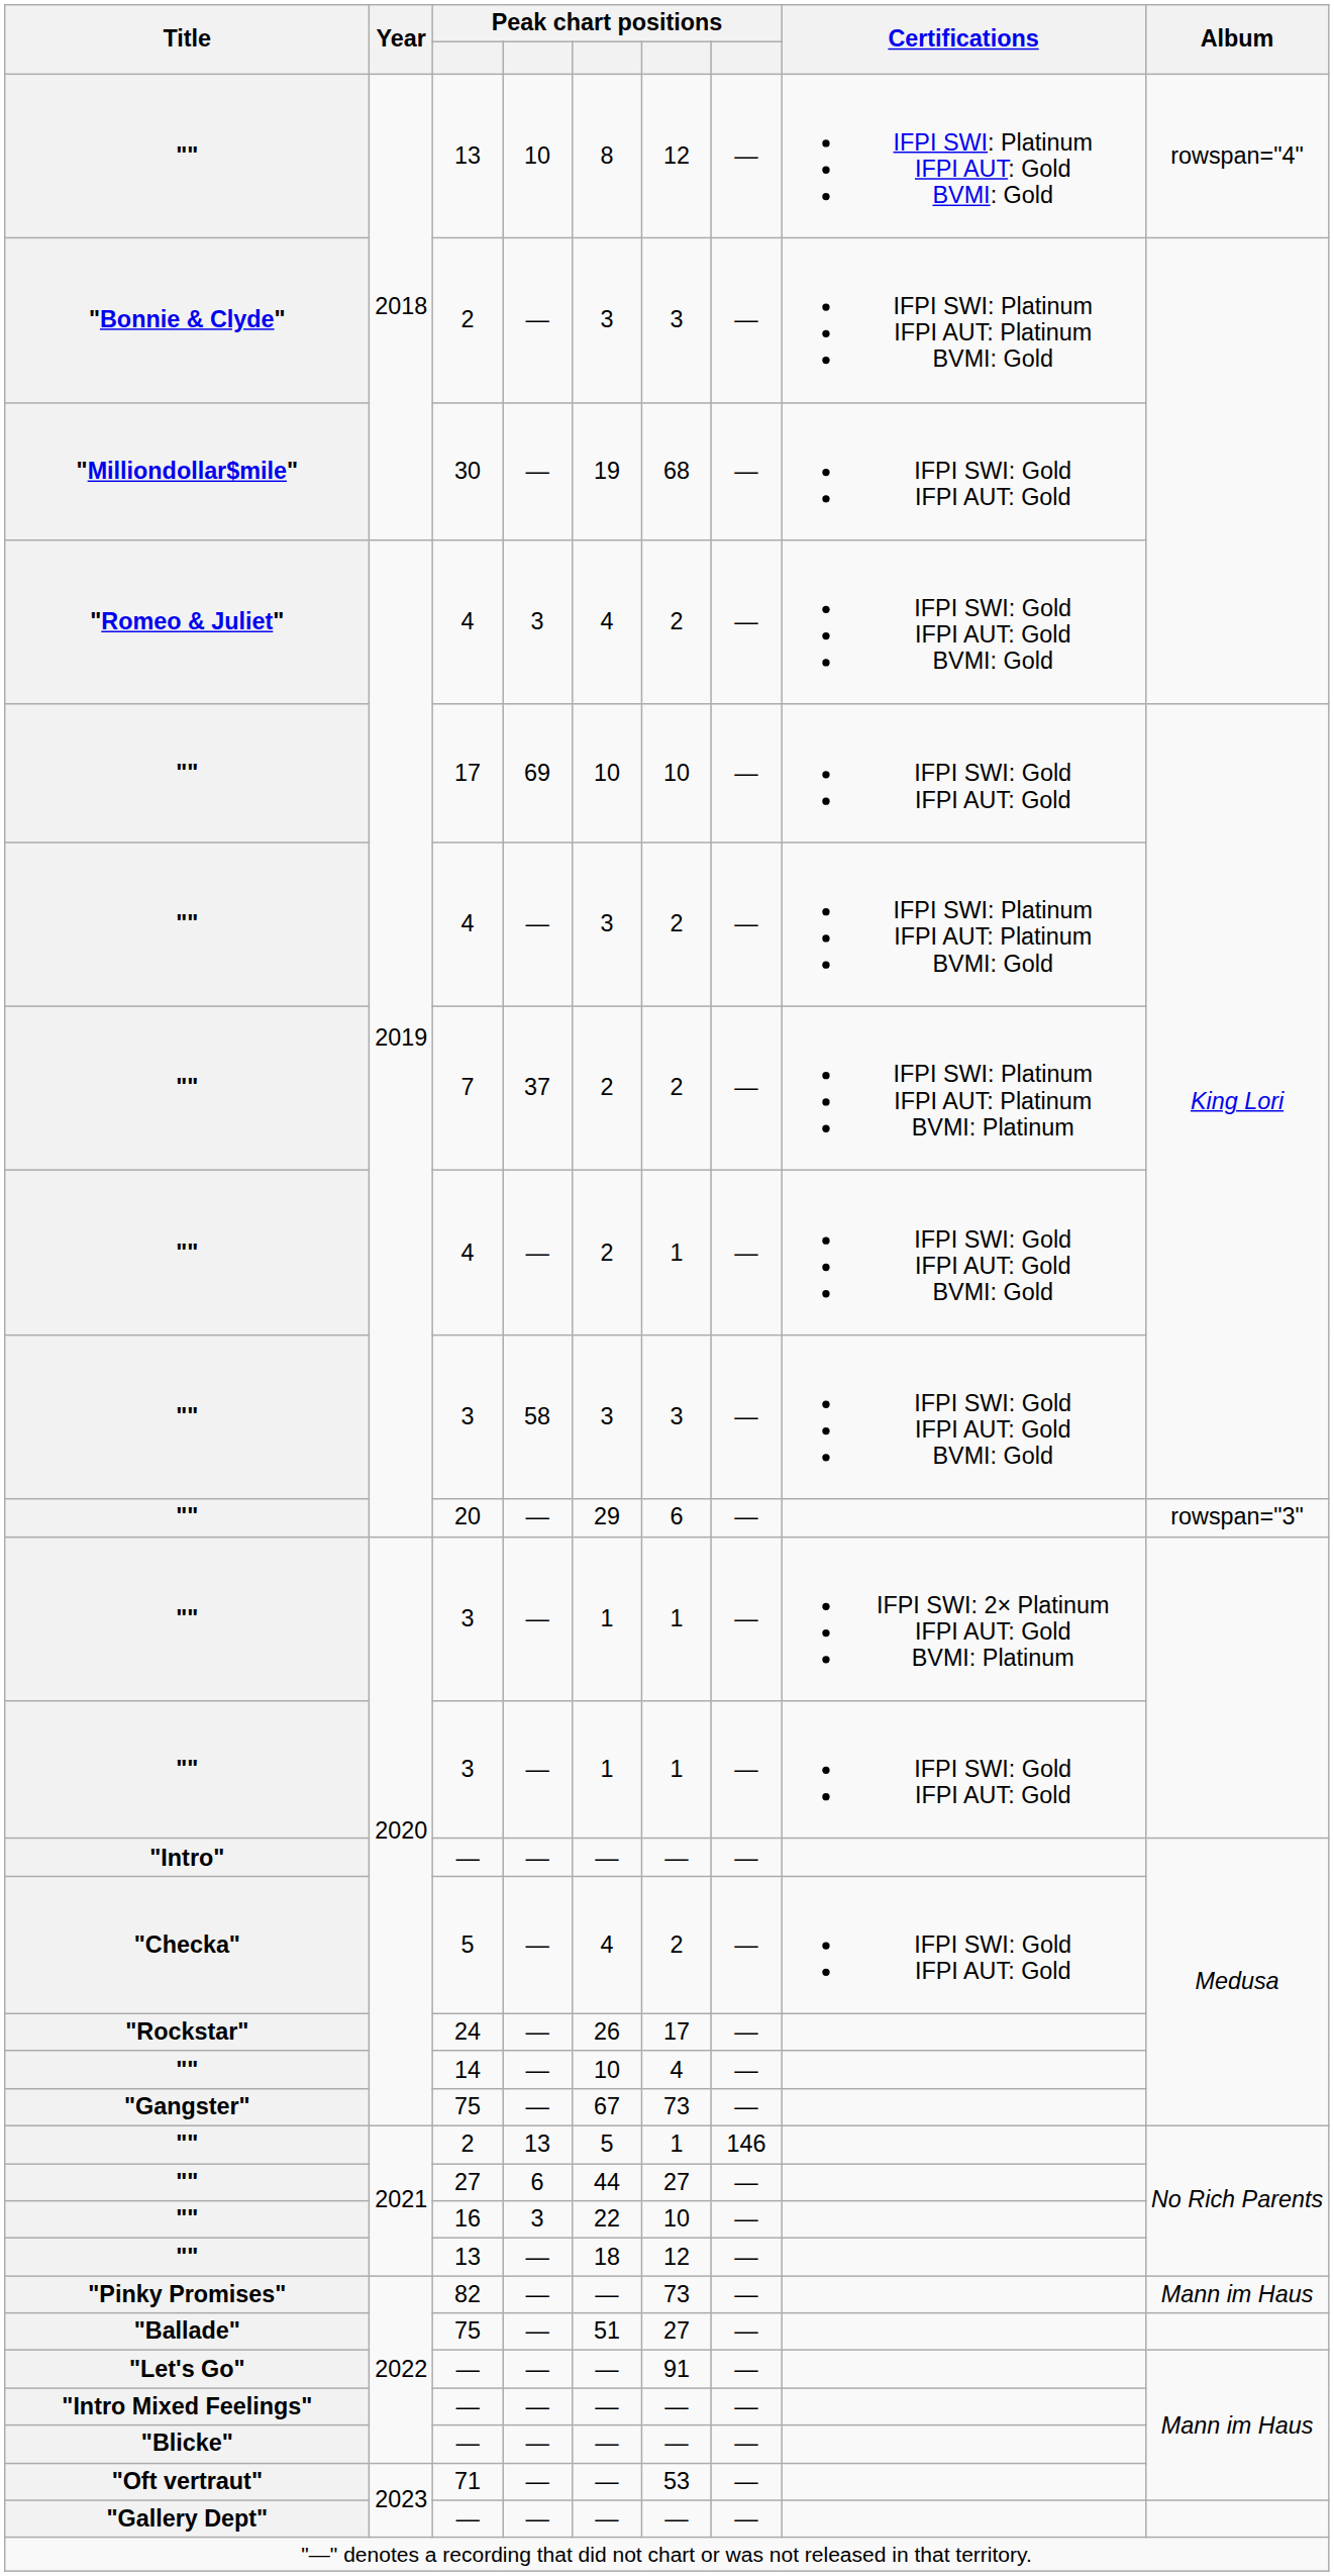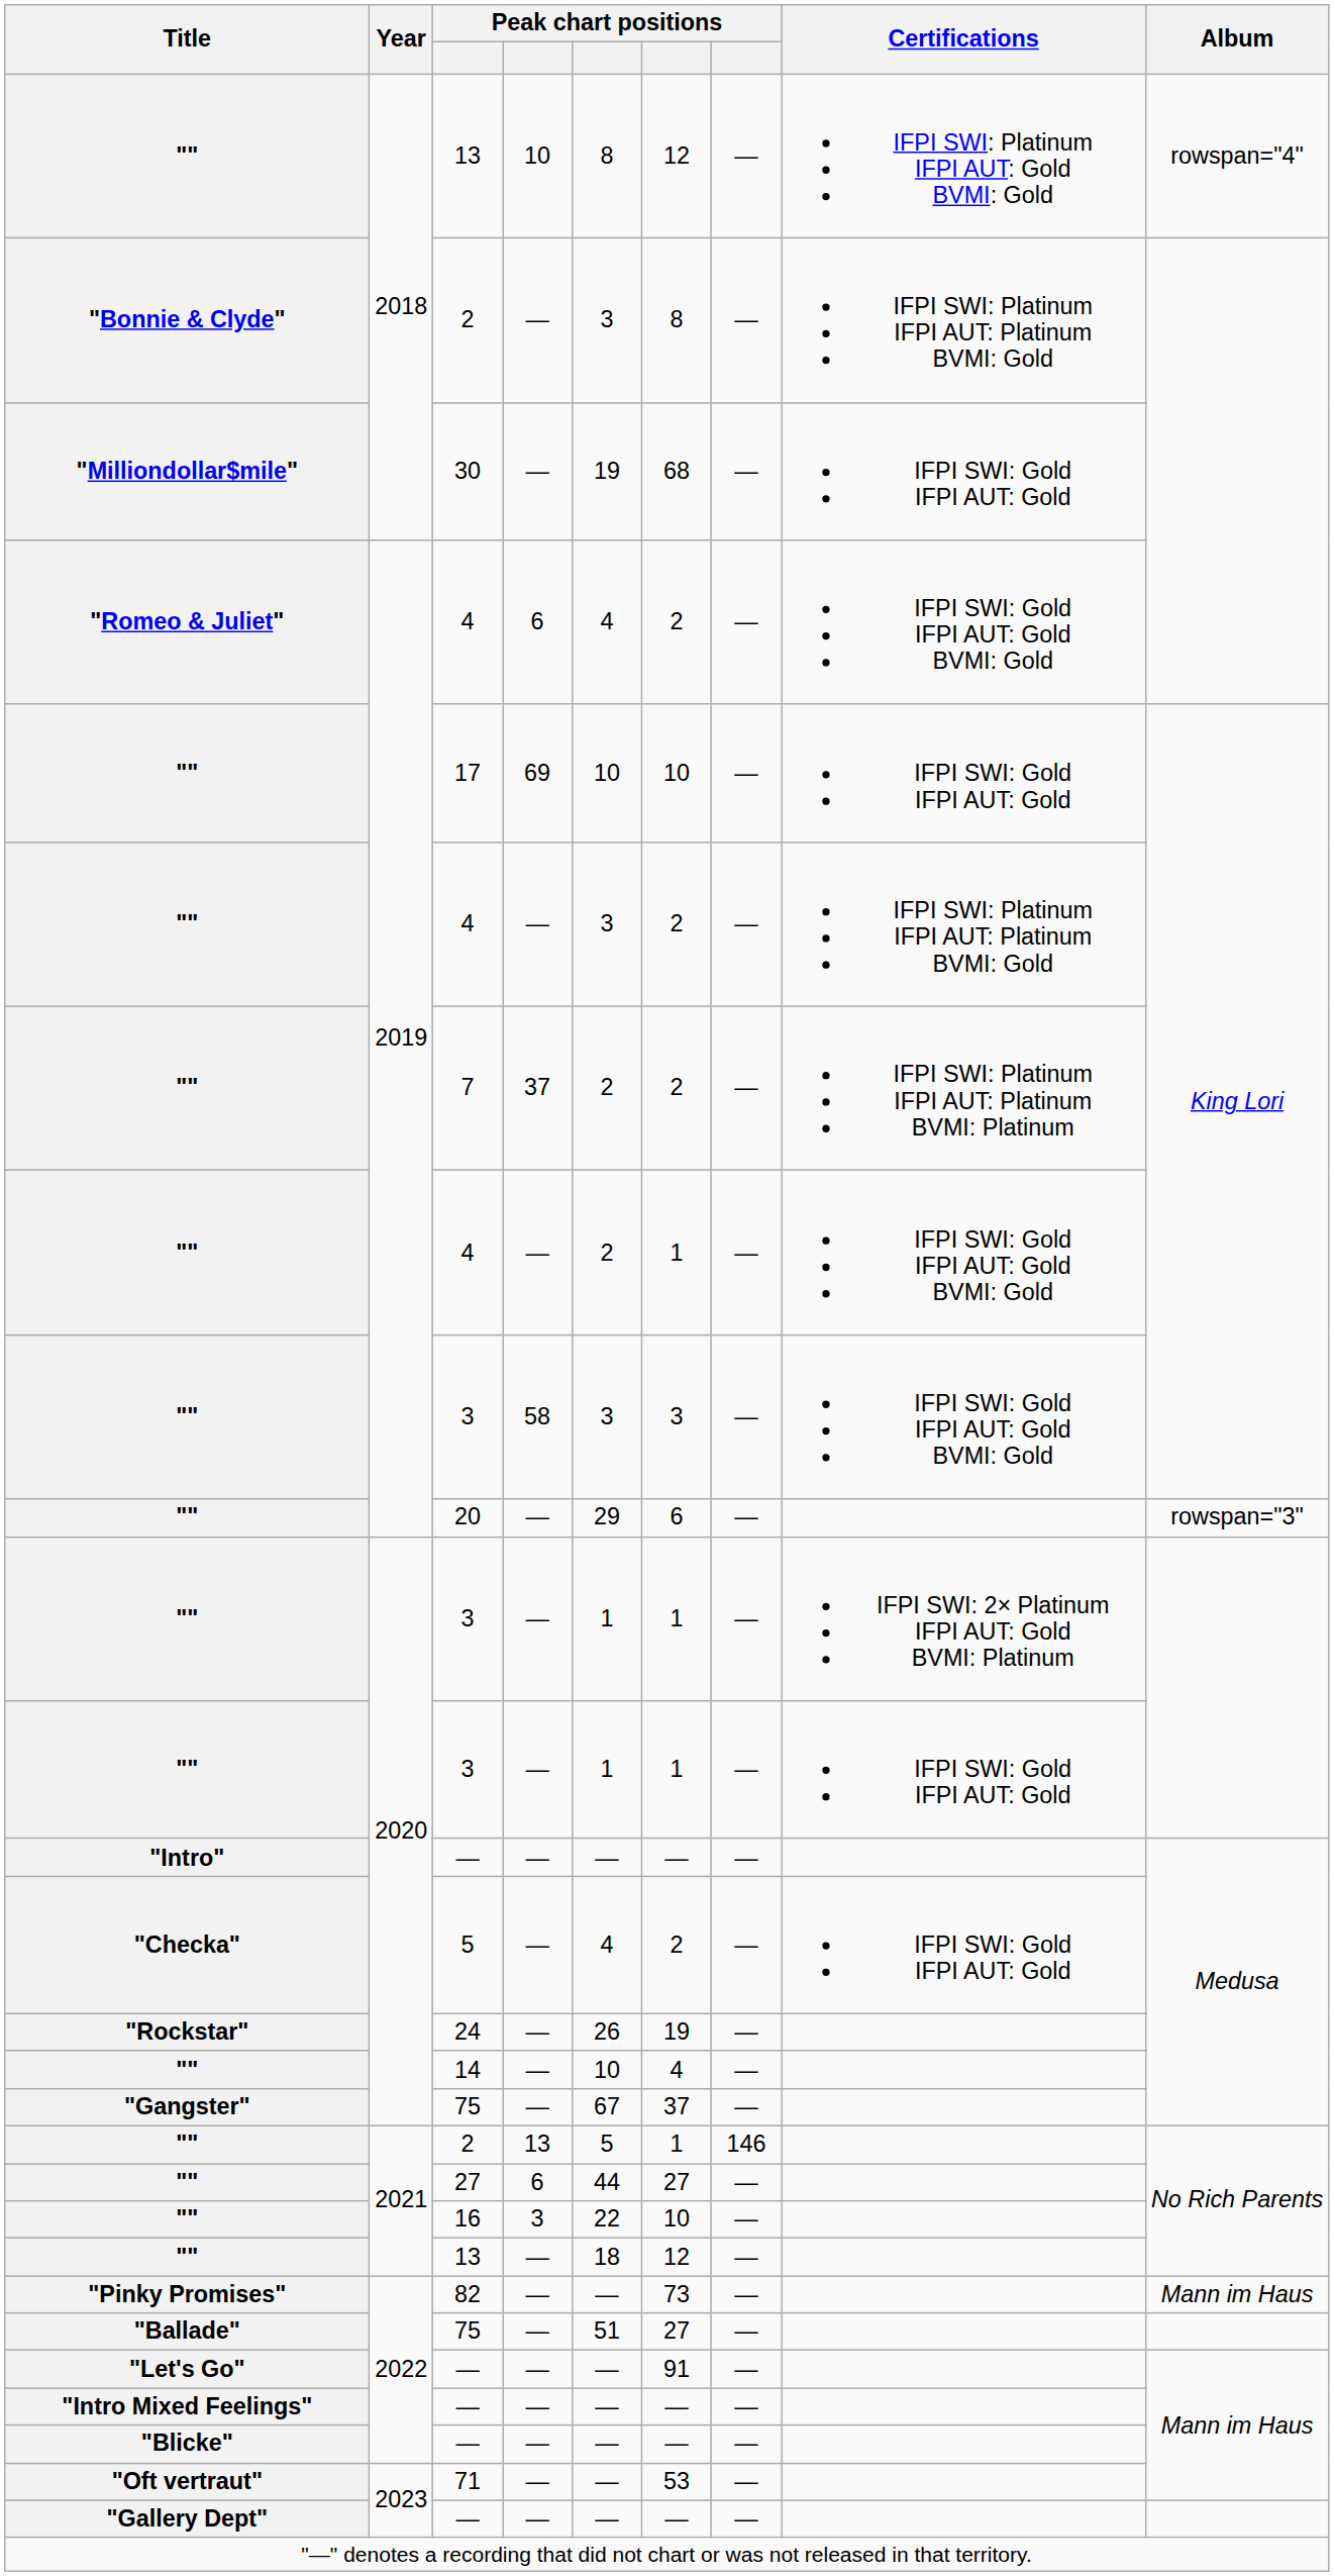 <table class="wikitable plainrowheaders" style="text-align:center;">
 <tr>
 <th scope="col" rowspan="2" style="width: 15em;">Title</th>
 <th scope="col" rowspan="2">Year</th>
 <th scope="col" colspan="5">Peak chart positions</th>
 <th scope="col" rowspan="2" style="width: 15em;"><a href='#'>Certifications</a></th>
 <th scope="col" rowspan="2">Album</th>
 </tr>
 <tr>
 <th style="width:3em; font-size:85%;"><a href='#'></a><br></th>
 <th style="width:3em; font-size:85%;"><a href='#'></a><br></th>
 <th style="width:3em; font-size:85%;"><a href='#'></a><br></th>
 <th style="width:3em; font-size:85%;"><a href='#'></a><br></th>
 <th style="width:3em; font-size:85%;"><a href='#'></a><br></th>
 </tr>
 <tr>
 <th scope="row">""</th>
 <td rowspan="3">2018</td>
 <td>13</td>
 <td>10</td>
 <td>8</td>
 <td>12</td>
 <td>—</td>
 <td><br><ul><li><a href='#'>IFPI SWI</a>: Platinum</li><li><a href='#'>IFPI AUT</a>: Gold</li><li><a href='#'>BVMI</a>: Gold</li></ul></td>
 <td>rowspan="4" </td>
 </tr>
 <tr>
 <th scope="row">"<a href='#'>Bonnie & Clyde</a>"<br></th>
 <td>2</td>
 <td>—</td>
 <td>3</td>
-<td>3</td>
+<td>8</td>
 <td>—</td>
 <td><br><ul><li>IFPI SWI: Platinum</li><li>IFPI AUT: Platinum</li><li>BVMI: Gold</li></ul></td>
 </tr>
 <tr>
 <th scope="row">"<a href='#'>Milliondollar$mile</a>"</th>
 <td>30</td>
 <td>—</td>
 <td>19</td>
 <td>68</td>
 <td>—</td>
 <td><br><ul><li>IFPI SWI: Gold</li><li>IFPI AUT: Gold</li></ul></td>
 </tr>
 <tr>
 <th scope="row">"<a href='#'>Romeo & Juliet</a>"<br></th>
 <td rowspan="7">2019</td>
 <td>4</td>
-<td>3</td>
+<td>6</td>
 <td>4</td>
 <td>2</td>
 <td>—</td>
 <td><br><ul><li>IFPI SWI: Gold</li><li>IFPI AUT: Gold</li><li>BVMI: Gold</li></ul></td>
 </tr>
 <tr>
 <th scope="row">""</th>
 <td>17</td>
 <td>69</td>
 <td>10</td>
 <td>10</td>
 <td>—</td>
 <td><br><ul><li>IFPI SWI: Gold</li><li>IFPI AUT: Gold</li></ul></td>
 <td rowspan="5"><em><a href='#'>King Lori</a></em></td>
 </tr>
 <tr>
 <th scope="row">""</th>
 <td>4</td>
 <td>—</td>
 <td>3</td>
 <td>2</td>
 <td>—</td>
 <td><br><ul><li>IFPI SWI: Platinum</li><li>IFPI AUT: Platinum</li><li>BVMI: Gold</li></ul></td>
 </tr>
 <tr>
 <th scope="row">""<br></th>
 <td>7</td>
 <td>37</td>
 <td>2</td>
 <td>2</td>
 <td>—</td>
 <td><br><ul><li>IFPI SWI: Platinum</li><li>IFPI AUT: Platinum</li><li>BVMI: Platinum</li></ul></td>
 </tr>
 <tr>
 <th scope="row">""<br></th>
 <td>4</td>
 <td>—</td>
 <td>2</td>
 <td>1</td>
 <td>—</td>
 <td><br><ul><li>IFPI SWI: Gold</li><li>IFPI AUT: Gold</li><li>BVMI: Gold</li></ul></td>
 </tr>
 <tr>
 <th scope="row">""</th>
 <td>3</td>
 <td>58</td>
 <td>3</td>
 <td>3</td>
 <td>—</td>
 <td><br><ul><li>IFPI SWI: Gold</li><li>IFPI AUT: Gold</li><li>BVMI: Gold</li></ul></td>
 </tr>
 <tr>
 <th scope="row">""</th>
 <td>20</td>
 <td>—</td>
 <td>29</td>
 <td>6</td>
 <td>—</td>
 <td></td>
 <td>rowspan="3" </td>
 </tr>
 <tr>
 <th scope="row">""<br></th>
 <td rowspan="7">2020</td>
 <td>3</td>
 <td>—</td>
 <td>1</td>
 <td>1</td>
 <td>—</td>
 <td><br><ul><li>IFPI SWI: 2× Platinum</li><li>IFPI AUT: Gold</li><li>BVMI: Platinum</li></ul></td>
 </tr>
 <tr>
 <th scope="row">""<br></th>
 <td>3</td>
 <td>—</td>
 <td>1</td>
 <td>1</td>
 <td>—</td>
 <td><br><ul><li>IFPI SWI: Gold</li><li>IFPI AUT: Gold</li></ul></td>
 </tr>
 <tr>
 <th scope="row">"Intro"</th>
 <td>—</td>
 <td>—</td>
 <td>—</td>
 <td>—</td>
 <td>—</td>
 <td></td>
 <td rowspan="5"><em>Medusa</em></td>
 </tr>
 <tr>
 <th scope="row">"Checka"<br></th>
 <td>5</td>
 <td>—</td>
 <td>4</td>
 <td>2</td>
 <td>—</td>
 <td><br><ul><li>IFPI SWI: Gold</li><li>IFPI AUT: Gold</li></ul></td>
 </tr>
 <tr>
 <th scope="row">"Rockstar"</th>
 <td>24</td>
 <td>—</td>
 <td>26</td>
-<td>17</td>
+<td>19</td>
 <td>—</td>
 <td></td>
 </tr>
 <tr>
 <th scope="row">""</th>
 <td>14</td>
 <td>—</td>
 <td>10</td>
 <td>4</td>
 <td>—</td>
 <td></td>
 </tr>
 <tr>
 <th scope="row">"Gangster"</th>
 <td>75</td>
 <td>—</td>
 <td>67</td>
-<td>73</td>
+<td>37</td>
 <td>—</td>
 <td></td>
 </tr>
 <tr>
 <th scope="row">""<br></th>
 <td rowspan="4">2021</td>
 <td>2</td>
 <td>13</td>
 <td>5</td>
 <td>1</td>
 <td>146</td>
 <td></td>
 <td rowspan="4"><em>No Rich Parents</em></td>
 </tr>
 <tr>
 <th scope="row">""<br></th>
 <td>27</td>
 <td>6</td>
 <td>44</td>
 <td>27</td>
 <td>—</td>
 <td></td>
 </tr>
 <tr>
 <th scope="row">""<br></th>
 <td>16</td>
 <td>3</td>
 <td>22</td>
 <td>10</td>
 <td>—</td>
 <td></td>
 </tr>
 <tr>
 <th scope="row">""<br></th>
 <td>13</td>
 <td>—</td>
 <td>18</td>
 <td>12</td>
 <td>—</td>
 <td></td>
 </tr>
 <tr>
 <th scope="row">"Pinky Promises"</th>
 <td rowspan="5">2022</td>
 <td>82</td>
 <td>—</td>
 <td>—</td>
 <td>73</td>
 <td>—</td>
 <td></td>
 <td><em>Mann im Haus</em></td>
 </tr>
 <tr>
 <th scope="row">"Ballade"<br></th>
 <td>75</td>
 <td>—</td>
 <td>51</td>
 <td>27</td>
 <td>—</td>
 <td></td>
 <td></td>
 </tr>
 <tr>
 <th scope="row">"Let's Go"</th>
 <td>—</td>
 <td>—</td>
 <td>—</td>
 <td>91</td>
 <td>—</td>
 <td></td>
 <td rowspan="4"><em>Mann im Haus</em></td>
 </tr>
 <tr>
 <th scope="row">"Intro Mixed Feelings"</th>
 <td>—</td>
 <td>—</td>
 <td>—</td>
 <td>—</td>
 <td>—</td>
 <td></td>
 </tr>
 <tr>
 <th scope="row">"Blicke"</th>
 <td>—</td>
 <td>—</td>
 <td>—</td>
 <td>—</td>
 <td>—</td>
 <td></td>
 </tr>
 <tr>
 <th scope="row">"Oft vertraut"</th>
 <td rowspan="2">2023</td>
 <td>71</td>
 <td>—</td>
 <td>—</td>
 <td>53</td>
 <td>—</td>
 <td></td>
 </tr>
 <tr>
 <th scope="row">"Gallery Dept"</th>
 <td>—</td>
 <td>—</td>
 <td>—</td>
 <td>—</td>
 <td>—</td>
 <td></td>
 <td></td>
 </tr>
 <tr>
 <td colspan="9" style="font-size:90%">"—" denotes a recording that did not chart or was not released in that territory.</td>
 </tr>
 </table>
